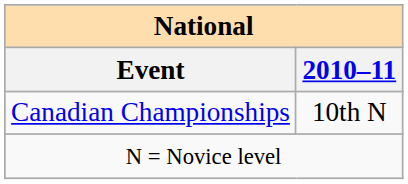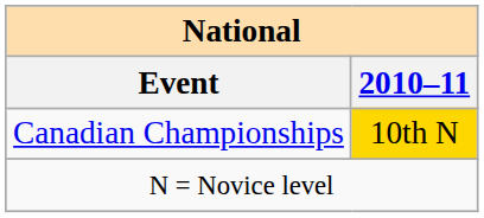 <table class="wikitable" style="text-align:center">
 <tr>
 <th style="background-color: #ffdead; " colspan=2 align=center>National</th>
 </tr>
 <tr>
 <th>Event</th>
 <th><a href='#'>2010–11</a></th>
 </tr>
 <tr>
 <td align=left><a href='#'>Canadian Championships</a></td>
-<td>10th N</td>
+<td style="background: gold;">10th N</td>
 </tr>
 <tr>
 <td colspan=2 align=center><small> N = Novice level </small></td>
 </tr>
 </table>
